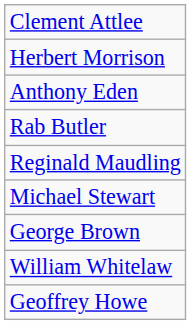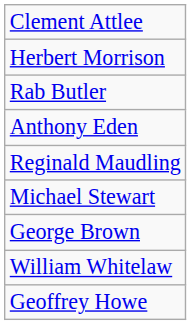 <table class="wikitable">
 <tr>
 <td><a href='#'>Clement Attlee</a></td>
 </tr>
 <tr>
 <td><a href='#'>Herbert Morrison</a></td>
 </tr>
 <tr>
-<td><a href='#'>Anthony Eden</a></td>
+<td><a href='#'>Rab Butler</a></td>
 </tr>
 <tr>
-<td><a href='#'>Rab Butler</a></td>
+<td><a href='#'>Anthony Eden</a></td>
 </tr>
 <tr>
 <td><a href='#'>Reginald Maudling</a></td>
 </tr>
 <tr>
 <td><a href='#'>Michael Stewart</a></td>
 </tr>
 <tr>
 <td><a href='#'>George Brown</a></td>
 </tr>
 <tr>
 <td><a href='#'>William Whitelaw</a></td>
 </tr>
 <tr>
 <td><a href='#'>Geoffrey Howe</a></td>
 </tr>
 </table>
